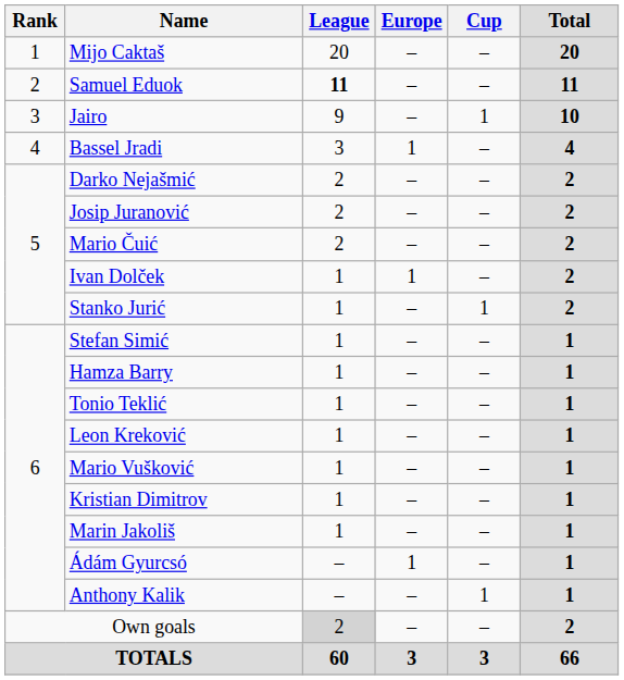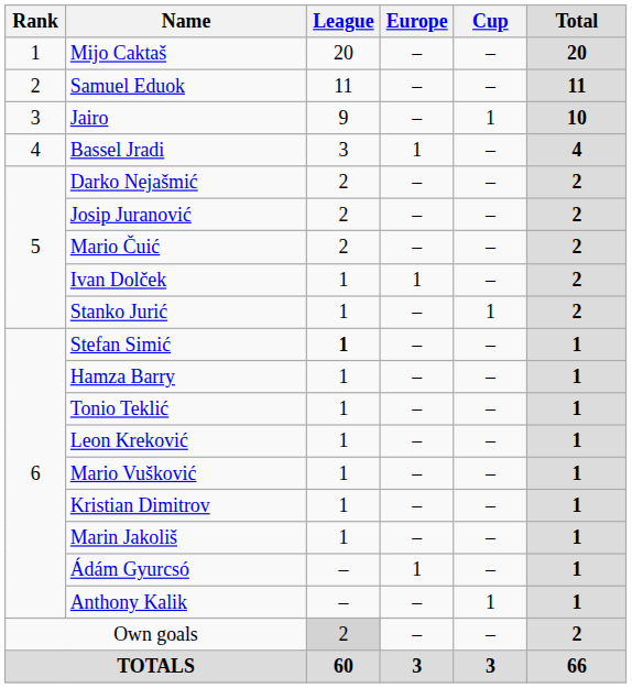 <table class="wikitable" style="font-size: 95%; text-align: center;">
 <tr>
 <th width=40>Rank</th>
 <th width=180>Name</th>
 <th width=50><a href='#'>League</a></th>
 <th width=50><a href='#'>Europe</a></th>
 <th width=50><a href='#'>Cup</a></th>
 <th width=70 style="background: #DCDCDC">Total</th>
 </tr>
 <tr>
 <td rowspan=1>1</td>
 <td style="text-align:left;"> <a href='#'>Mijo Caktaš</a></td>
 <td>20</td>
 <td>–</td>
 <td>–</td>
 <th style="background: #DCDCDC">20</th>
 </tr>
 <tr>
 <td rowspan=1>2</td>
 <td style="text-align:left;"> <a href='#'>Samuel Eduok</a></td>
-<td><strong>11</strong></td>
+<td>11</td>
 <td>–</td>
 <td>–</td>
 <th style="background: #DCDCDC">11</th>
 </tr>
 <tr>
 <td rowspan=1>3</td>
 <td style="text-align:left;"> <a href='#'>Jairo</a></td>
 <td>9</td>
 <td>–</td>
 <td>1</td>
 <th style="background: #DCDCDC">10</th>
 </tr>
 <tr>
 <td rowspan=1>4</td>
 <td style="text-align:left;"> <a href='#'>Bassel Jradi</a></td>
 <td>3</td>
 <td>1</td>
 <td>–</td>
 <th style="background: #DCDCDC">4</th>
 </tr>
 <tr>
 <td rowspan=5>5</td>
 <td style="text-align:left;"> <a href='#'>Darko Nejašmić</a></td>
 <td>2</td>
 <td>–</td>
 <td>–</td>
 <th style="background: #DCDCDC">2</th>
 </tr>
 <tr>
 <td style="text-align:left;"> <a href='#'>Josip Juranović</a></td>
 <td>2</td>
 <td>–</td>
 <td>–</td>
 <th style="background: #DCDCDC">2</th>
 </tr>
 <tr>
 <td style="text-align:left;"> <a href='#'>Mario Čuić</a></td>
 <td>2</td>
 <td>–</td>
 <td>–</td>
 <th style="background: #DCDCDC">2</th>
 </tr>
 <tr>
 <td style="text-align:left;"> <a href='#'>Ivan Dolček</a></td>
 <td>1</td>
 <td>1</td>
 <td>–</td>
 <th style="background: #DCDCDC">2</th>
 </tr>
 <tr>
 <td style="text-align:left;"> <a href='#'>Stanko Jurić</a></td>
 <td>1</td>
 <td>–</td>
 <td>1</td>
 <th style="background: #DCDCDC">2</th>
 </tr>
 <tr>
 <td rowspan=9>6</td>
 <td style="text-align:left;"> <a href='#'>Stefan Simić</a></td>
-<td>1</td>
+<td><strong>1</strong></td>
 <td>–</td>
 <td>–</td>
 <th style="background: #DCDCDC">1</th>
 </tr>
 <tr>
 <td style="text-align:left;"> <a href='#'>Hamza Barry</a></td>
 <td>1</td>
 <td>–</td>
 <td>–</td>
 <th style="background: #DCDCDC">1</th>
 </tr>
 <tr>
 <td style="text-align:left;"> <a href='#'>Tonio Teklić</a></td>
 <td>1</td>
 <td>–</td>
 <td>–</td>
 <th style="background: #DCDCDC">1</th>
 </tr>
 <tr>
 <td style="text-align:left;"> <a href='#'>Leon Kreković</a></td>
 <td>1</td>
 <td>–</td>
 <td>–</td>
 <th style="background: #DCDCDC">1</th>
 </tr>
 <tr>
 <td style="text-align:left;"> <a href='#'>Mario Vušković</a></td>
 <td>1</td>
 <td>–</td>
 <td>–</td>
 <th style="background: #DCDCDC">1</th>
 </tr>
 <tr>
 <td style="text-align:left;"> <a href='#'>Kristian Dimitrov</a></td>
 <td>1</td>
 <td>–</td>
 <td>–</td>
 <th style="background: #DCDCDC">1</th>
 </tr>
 <tr>
 <td style="text-align:left;"> <a href='#'>Marin Jakoliš</a></td>
 <td>1</td>
 <td>–</td>
 <td>–</td>
 <th style="background: #DCDCDC">1</th>
 </tr>
 <tr>
 <td style="text-align:left;"> <a href='#'>Ádám Gyurcsó</a></td>
 <td>–</td>
 <td>1</td>
 <td>–</td>
 <th style="background: #DCDCDC">1</th>
 </tr>
 <tr>
 <td style="text-align:left;"> <a href='#'>Anthony Kalik</a></td>
 <td>–</td>
 <td>–</td>
 <td>1</td>
 <th style="background: #DCDCDC">1</th>
 </tr>
 <tr>
 <td colspan=2 style="text-align:center;">Own goals</td>
 <td style="background: lightgrey;">2</td>
 <td>–</td>
 <td>–</td>
 <th style="background: #DCDCDC">2</th>
 </tr>
 <tr>
 <th colspan="2" align="center" style="background: #DCDCDC">TOTALS</th>
 <th style="background: #DCDCDC">60</th>
 <th style="background: #DCDCDC">3</th>
 <th style="background: #DCDCDC">3</th>
 <th style="background: #DCDCDC">66</th>
 </tr>
 </table>
